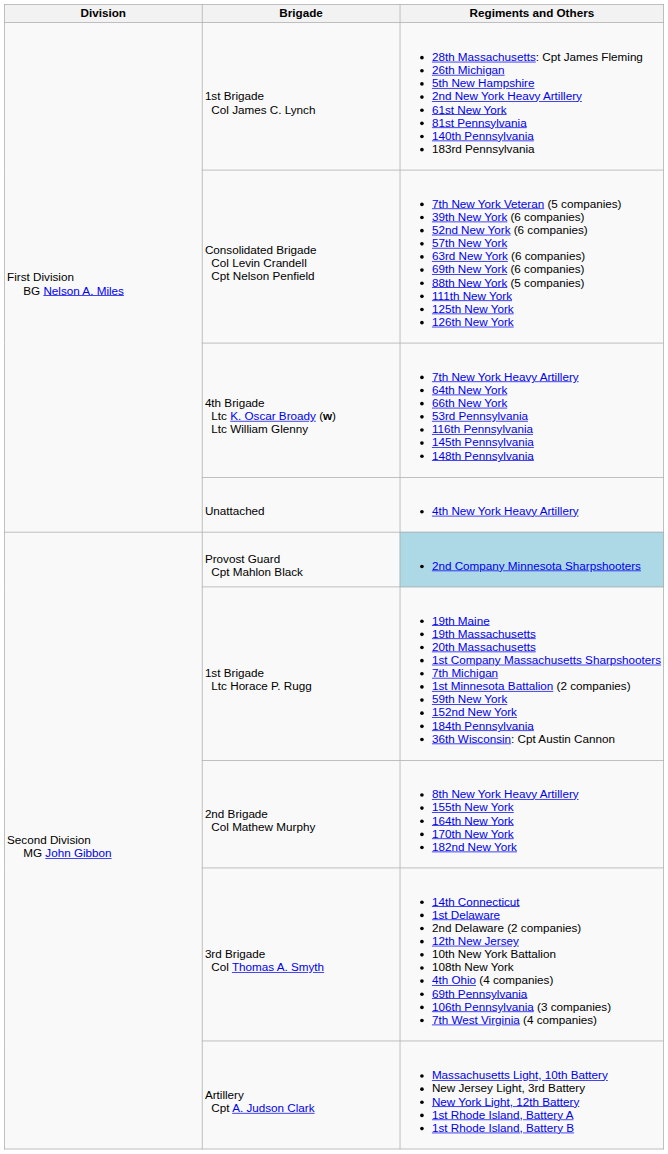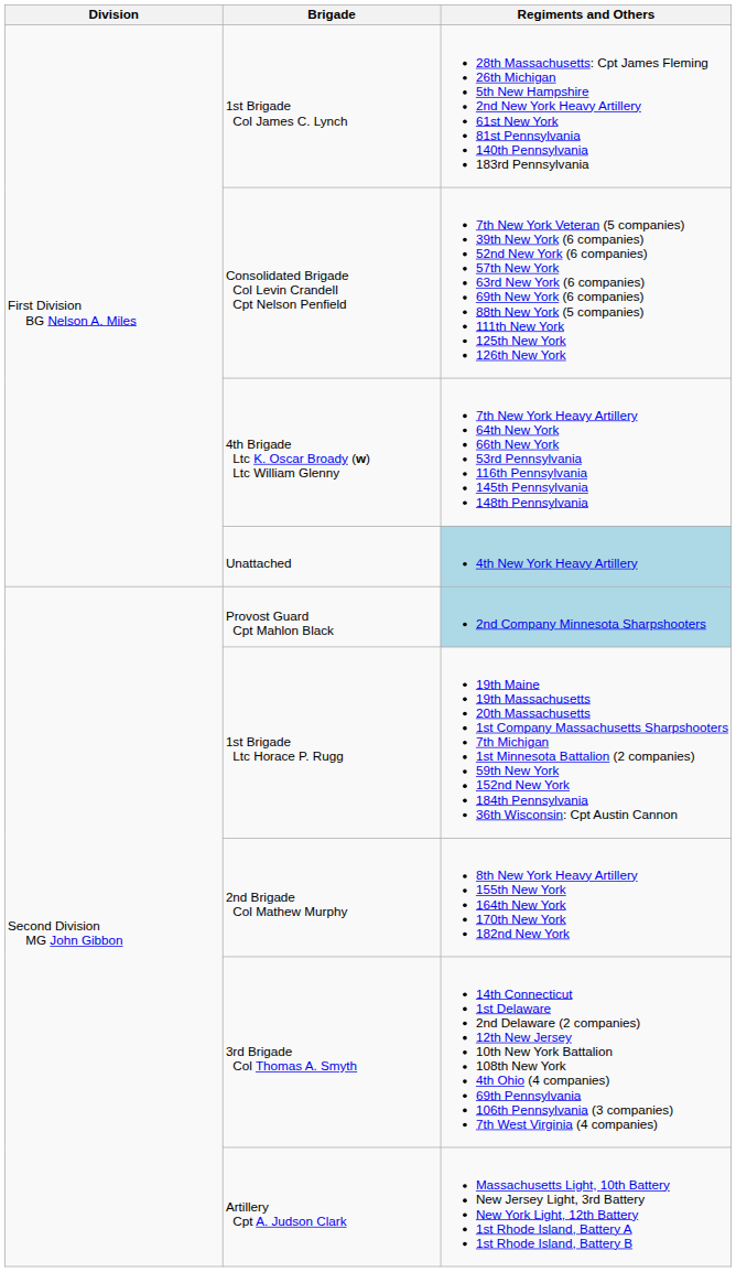 <table class="wikitable">
 <tr>
 <th style="width:30%;">Division</th>
 <th style="width:30%;">Brigade</th>
 <th>Regiments and Others</th>
 </tr>
 <tr>
 <td rowspan=4><br>First Division<br>     BG <a href='#'>Nelson A. Miles</a></td>
 <td><br>1st Brigade<br>   Col James C. Lynch</td>
 <td><br><ul><li><a href='#'>28th Massachusetts</a>: Cpt James Fleming</li><li><a href='#'>26th Michigan</a></li><li><a href='#'>5th New Hampshire</a></li><li><a href='#'>2nd New York Heavy Artillery</a></li><li><a href='#'>61st New York</a></li><li><a href='#'>81st Pennsylvania</a></li><li><a href='#'>140th Pennsylvania</a></li><li>183rd Pennsylvania</li></ul></td>
 </tr>
 <tr>
 <td><br>Consolidated Brigade<br>   Col Levin Crandell<br>   Cpt Nelson Penfield</td>
 <td><br><ul><li><a href='#'>7th New York Veteran</a> (5 companies)</li><li><a href='#'>39th New York</a> (6 companies)</li><li><a href='#'>52nd New York</a> (6 companies)</li><li><a href='#'>57th New York</a></li><li><a href='#'>63rd New York</a> (6 companies)</li><li><a href='#'>69th New York</a> (6 companies)</li><li><a href='#'>88th New York</a> (5 companies)</li><li><a href='#'>111th New York</a></li><li><a href='#'>125th New York</a></li><li><a href='#'>126th New York</a></li></ul></td>
 </tr>
 <tr>
 <td><br>4th Brigade<br>   Ltc <a href='#'>K. Oscar Broady</a> (<strong>w</strong>)<br>   Ltc William Glenny</td>
 <td><br><ul><li><a href='#'>7th New York Heavy Artillery</a></li><li><a href='#'>64th New York</a></li><li><a href='#'>66th New York</a></li><li><a href='#'>53rd Pennsylvania</a></li><li><a href='#'>116th Pennsylvania</a></li><li><a href='#'>145th Pennsylvania</a></li><li><a href='#'>148th Pennsylvania</a></li></ul></td>
 </tr>
 <tr>
 <td><br>Unattached</td>
-<td><br><ul><li><a href='#'>4th New York Heavy Artillery</a></li></ul></td>
+<td style="background: lightblue;"><br><ul><li><a href='#'>4th New York Heavy Artillery</a></li></ul></td>
 </tr>
 <tr>
 <td rowspan=5><br>Second Division<br>     MG <a href='#'>John Gibbon</a></td>
 <td><br>Provost Guard<br>   Cpt Mahlon Black</td>
 <td style="background: lightblue;"><br><ul><li><a href='#'>2nd Company Minnesota Sharpshooters</a></li></ul></td>
 </tr>
 <tr>
 <td><br>1st Brigade<br>   Ltc Horace P. Rugg</td>
 <td><br><ul><li><a href='#'>19th Maine</a></li><li><a href='#'>19th Massachusetts</a></li><li><a href='#'>20th Massachusetts</a></li><li><a href='#'>1st Company Massachusetts Sharpshooters</a></li><li><a href='#'>7th Michigan</a></li><li><a href='#'>1st Minnesota Battalion</a> (2 companies)</li><li><a href='#'>59th New York</a></li><li><a href='#'>152nd New York</a></li><li><a href='#'>184th Pennsylvania</a></li><li><a href='#'>36th Wisconsin</a>: Cpt Austin Cannon</li></ul></td>
 </tr>
 <tr>
 <td><br>2nd Brigade<br>   Col Mathew Murphy</td>
 <td><br><ul><li><a href='#'>8th New York Heavy Artillery</a></li><li><a href='#'>155th New York</a></li><li><a href='#'>164th New York</a></li><li><a href='#'>170th New York</a></li><li><a href='#'>182nd New York</a></li></ul></td>
 </tr>
 <tr>
 <td><br>3rd Brigade<br>   Col <a href='#'>Thomas A. Smyth</a></td>
 <td><br><ul><li><a href='#'>14th Connecticut</a></li><li><a href='#'>1st Delaware</a></li><li>2nd Delaware (2 companies)</li><li><a href='#'>12th New Jersey</a></li><li>10th New York Battalion</li><li>108th New York</li><li><a href='#'>4th Ohio</a> (4 companies)</li><li><a href='#'>69th Pennsylvania</a></li><li><a href='#'>106th Pennsylvania</a> (3 companies)</li><li><a href='#'>7th West Virginia</a> (4 companies)</li></ul></td>
 </tr>
 <tr>
 <td><br>Artillery<br>   Cpt <a href='#'>A. Judson Clark</a></td>
 <td><br><ul><li><a href='#'>Massachusetts Light, 10th Battery</a></li><li>New Jersey Light, 3rd Battery</li><li><a href='#'>New York Light, 12th Battery</a></li><li><a href='#'>1st Rhode Island, Battery A</a></li><li><a href='#'>1st Rhode Island, Battery B</a></li></ul></td>
 </tr>
 </table>
